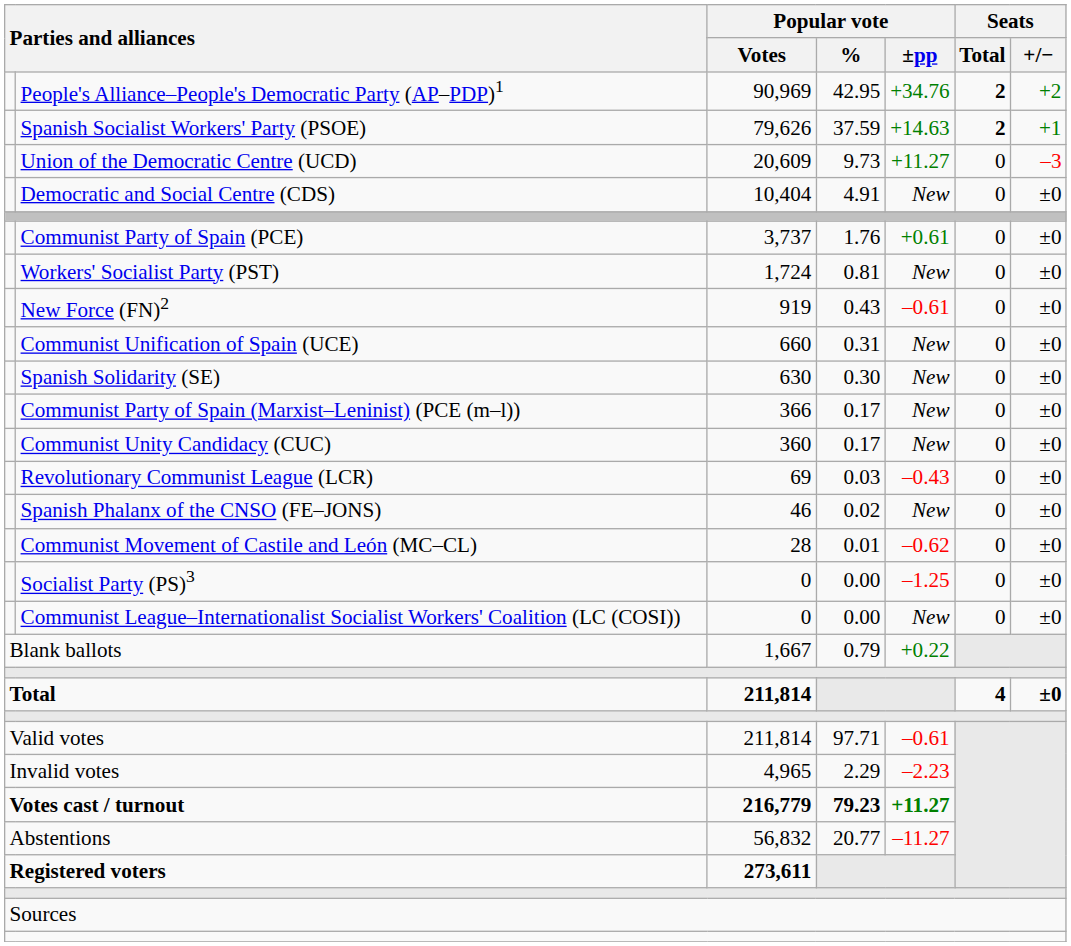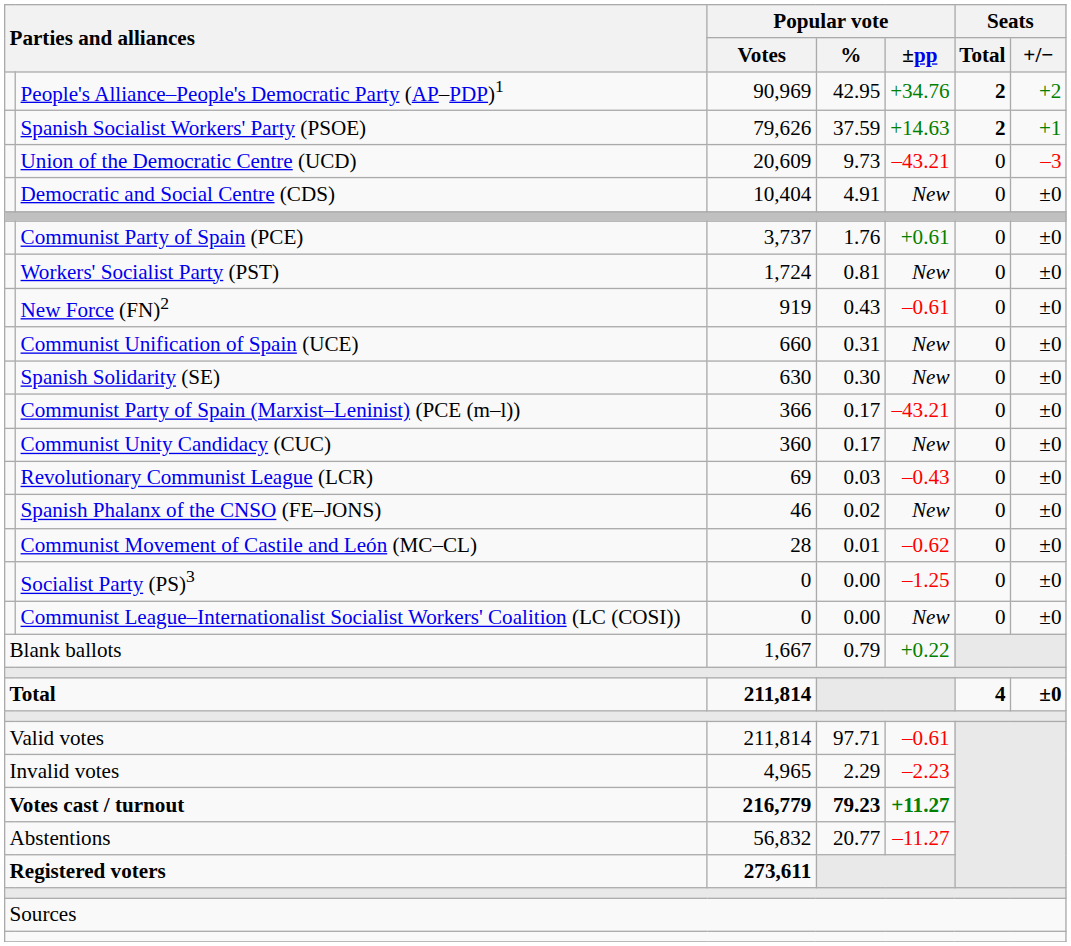 <table class="wikitable" style="text-align:right;">
 <tr>
 <th style="text-align:left;" rowspan="2" colspan="2" width="525">Parties and alliances</th>
 <th colspan="3">Popular vote</th>
 <th colspan="2">Seats</th>
 </tr>
 <tr>
 <th width="75">Votes</th>
 <th width="45">%</th>
 <th width="45">±<a href='#'>pp</a></th>
 <th width="35">Total</th>
 <th width="35">+/−</th>
 </tr>
 <tr>
 <td width="1" style="color:inherit;background:"></td>
 <td align="left"><a href='#'>People's Alliance–People's Democratic Party</a> (<a href='#'>AP</a>–<a href='#'>PDP</a>)<sup>1</sup></td>
 <td>90,969</td>
 <td>42.95</td>
 <td style="color:green;">+34.76</td>
 <td><strong>2</strong></td>
 <td style="color:green;">+2</td>
 </tr>
 <tr>
 <td style="color:inherit;background:"></td>
 <td align="left"><a href='#'>Spanish Socialist Workers' Party</a> (PSOE)</td>
 <td>79,626</td>
 <td>37.59</td>
 <td style="color:green;">+14.63</td>
 <td><strong>2</strong></td>
 <td style="color:green;">+1</td>
 </tr>
 <tr>
 <td style="color:inherit;background:"></td>
 <td align="left"><a href='#'>Union of the Democratic Centre</a> (UCD)</td>
 <td>20,609</td>
 <td>9.73</td>
-<td style="color:green;">+11.27</td>
+<td style="color:red;">–43.21</td>
 <td>0</td>
 <td style="color:red;">–3</td>
 </tr>
 <tr>
 <td style="color:inherit;background:"></td>
 <td align="left"><a href='#'>Democratic and Social Centre</a> (CDS)</td>
 <td>10,404</td>
 <td>4.91</td>
 <td><em>New</em></td>
 <td>0</td>
 <td>±0</td>
 </tr>
 <tr>
 <td colspan="7" bgcolor="#C0C0C0"></td>
 </tr>
 <tr>
 <td style="color:inherit;background:"></td>
 <td align="left"><a href='#'>Communist Party of Spain</a> (PCE)</td>
 <td>3,737</td>
 <td>1.76</td>
 <td style="color:green;">+0.61</td>
 <td>0</td>
 <td>±0</td>
 </tr>
 <tr>
 <td style="color:inherit;background:"></td>
 <td align="left"><a href='#'>Workers' Socialist Party</a> (PST)</td>
 <td>1,724</td>
 <td>0.81</td>
 <td><em>New</em></td>
 <td>0</td>
 <td>±0</td>
 </tr>
 <tr>
 <td style="color:inherit;background:"></td>
 <td align="left"><a href='#'>New Force</a> (FN)<sup>2</sup></td>
 <td>919</td>
 <td>0.43</td>
 <td style="color:red;">–0.61</td>
 <td>0</td>
 <td>±0</td>
 </tr>
 <tr>
 <td style="color:inherit;background:"></td>
 <td align="left"><a href='#'>Communist Unification of Spain</a> (UCE)</td>
 <td>660</td>
 <td>0.31</td>
 <td><em>New</em></td>
 <td>0</td>
 <td>±0</td>
 </tr>
 <tr>
 <td style="color:inherit;background:"></td>
 <td align="left"><a href='#'>Spanish Solidarity</a> (SE)</td>
 <td>630</td>
 <td>0.30</td>
 <td><em>New</em></td>
 <td>0</td>
 <td>±0</td>
 </tr>
 <tr>
 <td style="color:inherit;background:"></td>
 <td align="left"><a href='#'>Communist Party of Spain (Marxist–Leninist)</a> (PCE (m–l))</td>
 <td>366</td>
 <td>0.17</td>
-<td><em>New</em></td>
+<td style="color:red;">–43.21</td>
 <td>0</td>
 <td>±0</td>
 </tr>
 <tr>
 <td style="color:inherit;background:"></td>
 <td align="left"><a href='#'>Communist Unity Candidacy</a> (CUC)</td>
 <td>360</td>
 <td>0.17</td>
 <td><em>New</em></td>
 <td>0</td>
 <td>±0</td>
 </tr>
 <tr>
 <td style="color:inherit;background:"></td>
 <td align="left"><a href='#'>Revolutionary Communist League</a> (LCR)</td>
 <td>69</td>
 <td>0.03</td>
 <td style="color:red;">–0.43</td>
 <td>0</td>
 <td>±0</td>
 </tr>
 <tr>
 <td style="color:inherit;background:"></td>
 <td align="left"><a href='#'>Spanish Phalanx of the CNSO</a> (FE–JONS)</td>
 <td>46</td>
 <td>0.02</td>
 <td><em>New</em></td>
 <td>0</td>
 <td>±0</td>
 </tr>
 <tr>
 <td style="color:inherit;background:"></td>
 <td align="left"><a href='#'>Communist Movement of Castile and León</a> (MC–CL)</td>
 <td>28</td>
 <td>0.01</td>
 <td style="color:red;">–0.62</td>
 <td>0</td>
 <td>±0</td>
 </tr>
 <tr>
 <td style="color:inherit;background:"></td>
 <td align="left"><a href='#'>Socialist Party</a> (PS)<sup>3</sup></td>
 <td>0</td>
 <td>0.00</td>
 <td style="color:red;">–1.25</td>
 <td>0</td>
 <td>±0</td>
 </tr>
 <tr>
 <td style="color:inherit;background:"></td>
 <td align="left"><a href='#'>Communist League–Internationalist Socialist Workers' Coalition</a> (LC (COSI))</td>
 <td>0</td>
 <td>0.00</td>
 <td><em>New</em></td>
 <td>0</td>
 <td>±0</td>
 </tr>
 <tr>
 <td align="left" colspan="2">Blank ballots</td>
 <td>1,667</td>
 <td>0.79</td>
 <td style="color:green;">+0.22</td>
 <td bgcolor="#E9E9E9" colspan="2"></td>
 </tr>
 <tr>
 <td colspan="7" bgcolor="#E9E9E9"></td>
 </tr>
 <tr style="font-weight:bold;">
 <td align="left" colspan="2">Total</td>
 <td>211,814</td>
 <td bgcolor="#E9E9E9" colspan="2"></td>
 <td>4</td>
 <td>±0</td>
 </tr>
 <tr>
 <td colspan="7" bgcolor="#E9E9E9"></td>
 </tr>
 <tr>
 <td align="left" colspan="2">Valid votes</td>
 <td>211,814</td>
 <td>97.71</td>
 <td style="color:red;">–0.61</td>
 <td bgcolor="#E9E9E9" colspan="2" rowspan="5"></td>
 </tr>
 <tr>
 <td align="left" colspan="2">Invalid votes</td>
 <td>4,965</td>
 <td>2.29</td>
 <td style="color:red;">–2.23</td>
 </tr>
 <tr style="font-weight:bold;">
 <td align="left" colspan="2">Votes cast / turnout</td>
 <td>216,779</td>
 <td>79.23</td>
 <td style="color:green;">+11.27</td>
 </tr>
 <tr>
 <td align="left" colspan="2">Abstentions</td>
 <td>56,832</td>
 <td>20.77</td>
 <td style="color:red;">–11.27</td>
 </tr>
 <tr style="font-weight:bold;">
 <td align="left" colspan="2">Registered voters</td>
 <td>273,611</td>
 <td bgcolor="#E9E9E9" colspan="2"></td>
 </tr>
 <tr>
 <td colspan="7" bgcolor="#E9E9E9"></td>
 </tr>
 <tr>
 <td align="left" colspan="7">Sources</td>
 </tr>
 <tr>
 <td colspan="7" style="text-align:left; max-width:790px;"></td>
 </tr>
 </table>
